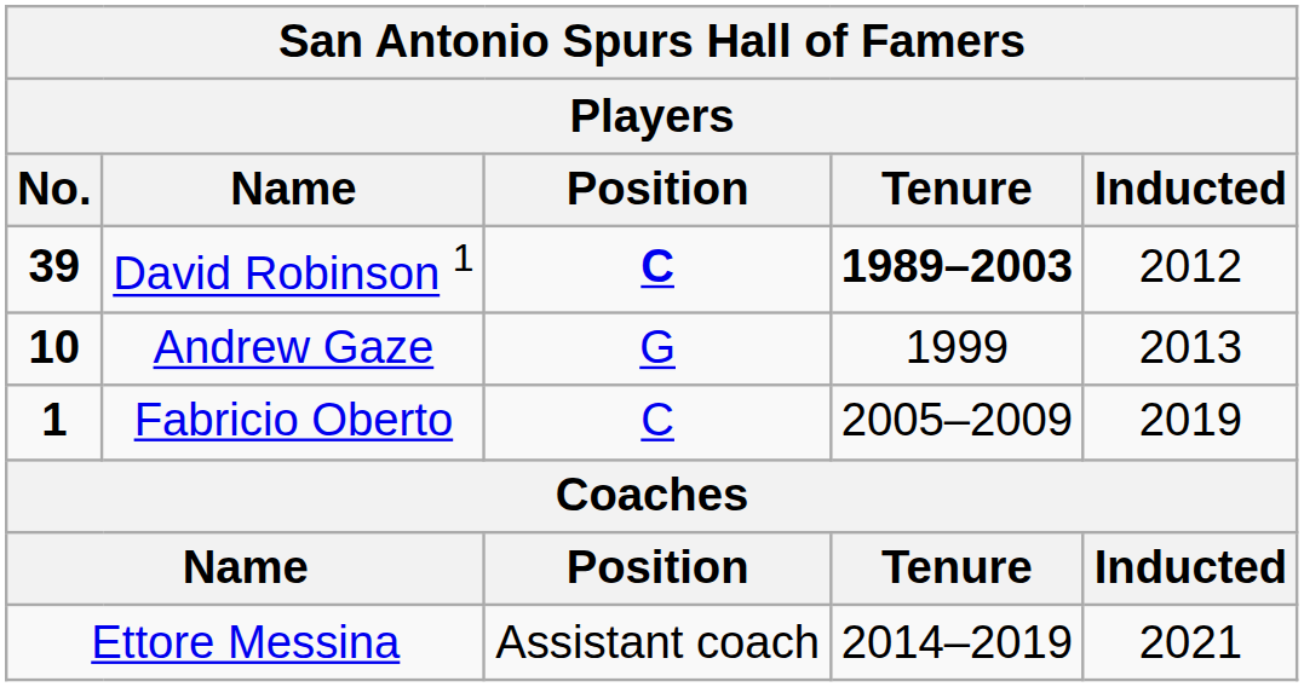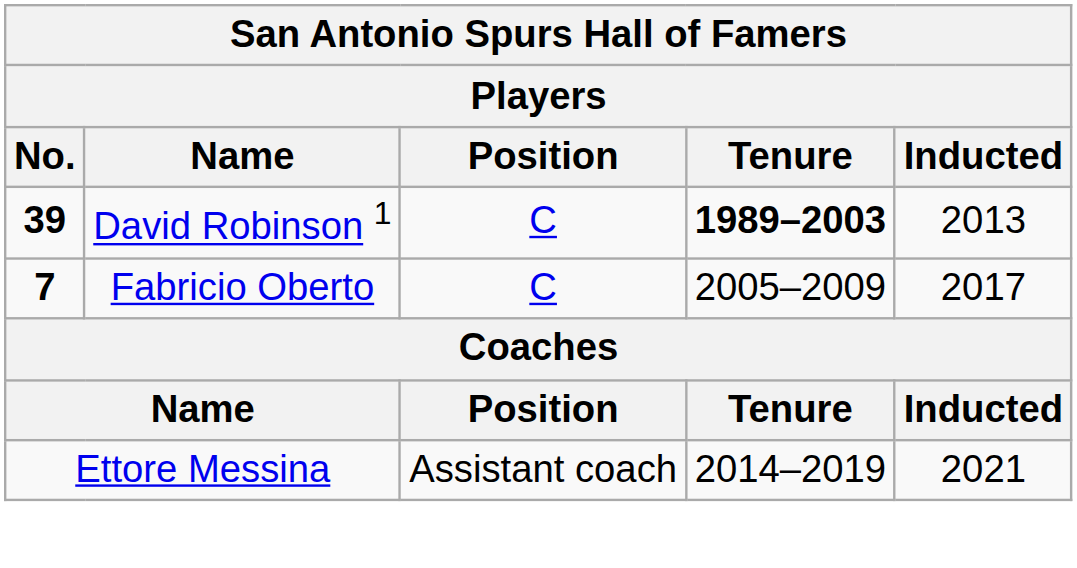 <table class="wikitable" style="text-align:center">
 <tr>
 <th colspan="5">San Antonio Spurs Hall of Famers</th>
 </tr>
 <tr>
 <th colspan="5" style="text-align:center; ">Players</th>
 </tr>
 <tr>
 <th>No.</th>
 <th>Name</th>
 <th>Position</th>
 <th>Tenure</th>
 <th>Inducted</th>
 </tr>
 <tr>
 <td><strong>39</strong></td>
 <td><a href='#'>David Robinson</a> <sup>1</sup></td>
-<td><strong><a href='#'>C</a></strong></td>
+<td><a href='#'>C</a></td>
 <td><strong>1989–2003</strong></td>
-<td>2012</td>
-</tr>
-<tr>
-<td><strong>10</strong></td>
-<td><a href='#'>Andrew Gaze</a></td>
-<td><a href='#'>G</a></td>
-<td>1999</td>
 <td>2013</td>
 </tr>
 <tr>
-<td><strong>1</strong></td>
+<td><strong>7</strong></td>
 <td><a href='#'>Fabricio Oberto</a></td>
 <td><a href='#'>C</a></td>
 <td>2005–2009</td>
-<td>2019</td>
+<td>2017</td>
 </tr>
 <tr>
 <th colspan="5" style="text-align:center; ">Coaches</th>
 </tr>
 <tr>
 <th colspan="2">Name</th>
 <th>Position</th>
 <th>Tenure</th>
 <th>Inducted</th>
 </tr>
 <tr>
 <td colspan="2"><a href='#'>Ettore Messina</a></td>
 <td>Assistant coach</td>
 <td>2014–2019</td>
 <td>2021</td>
 </tr>
 </table>
